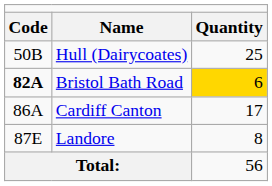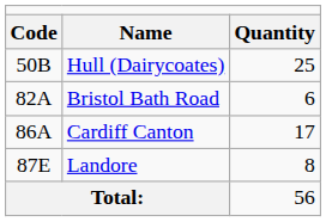 <table class="wikitable floatright">
 <tr>
 <td colspan=3></td>
 </tr>
 <tr>
 <th>Code</th>
 <th>Name</th>
 <th>Quantity</th>
 </tr>
 <tr>
 <td style="text-align:center">50B</td>
 <td><a href='#'>Hull (Dairycoates)</a></td>
 <td style="text-align:right">25</td>
 </tr>
 <tr>
-<td style="text-align:center"><strong>82A</strong></td>
+<td style="text-align:center">82A</td>
 <td><a href='#'>Bristol Bath Road</a></td>
-<td style="background: gold; text-align:right">6</td>
+<td style="text-align:right">6</td>
 </tr>
 <tr>
 <td style="text-align:center">86A</td>
 <td><a href='#'>Cardiff Canton</a></td>
 <td style="text-align:right">17</td>
 </tr>
 <tr>
 <td style="text-align:center">87E</td>
 <td><a href='#'>Landore</a></td>
 <td style="text-align:right">8</td>
 </tr>
 <tr>
 <th colspan=2 scope=row>Total:</th>
 <td style="text-align:right">56</td>
 </tr>
 </table>
